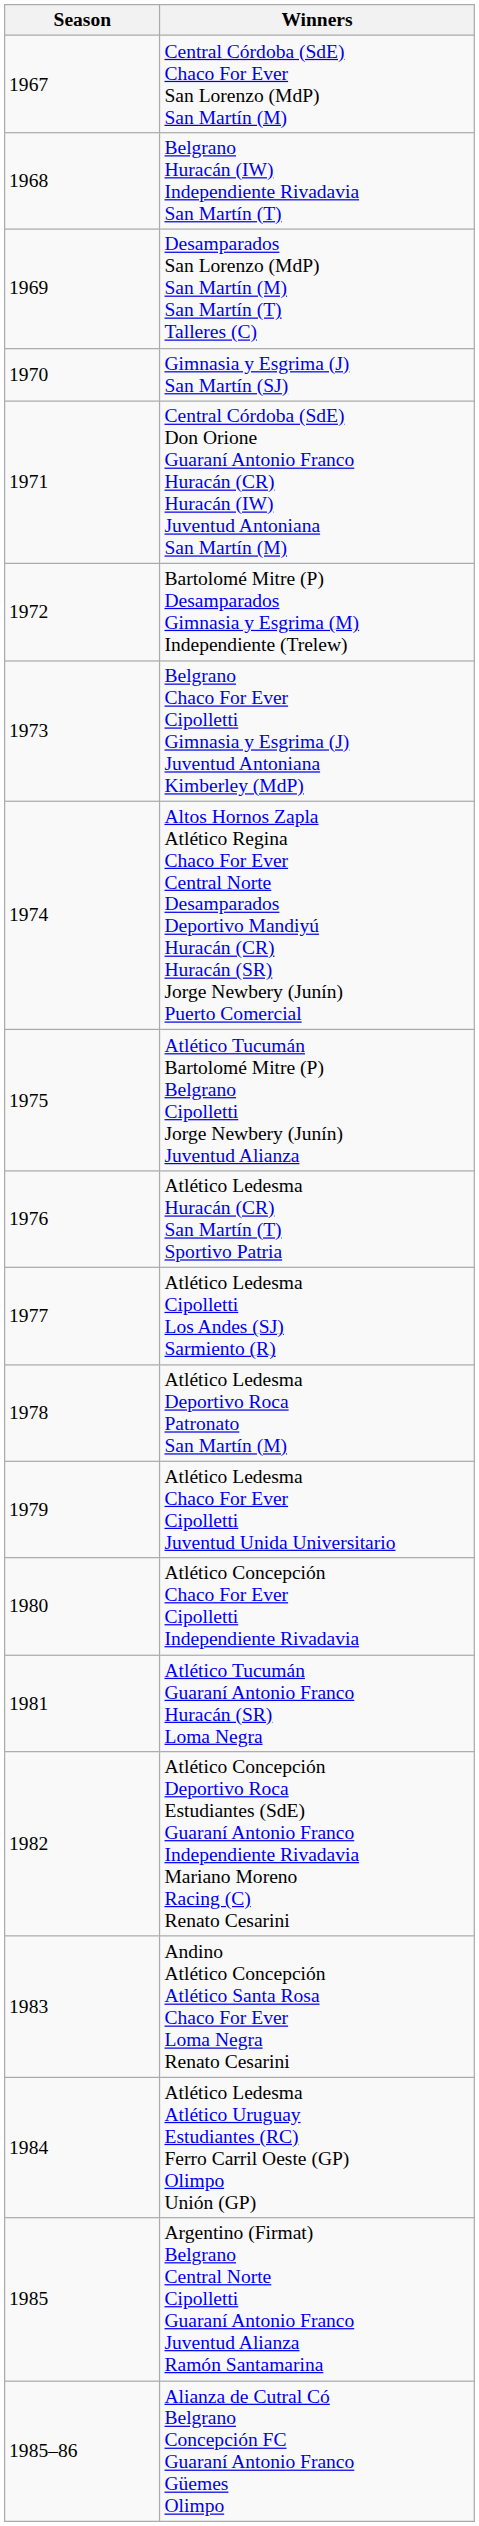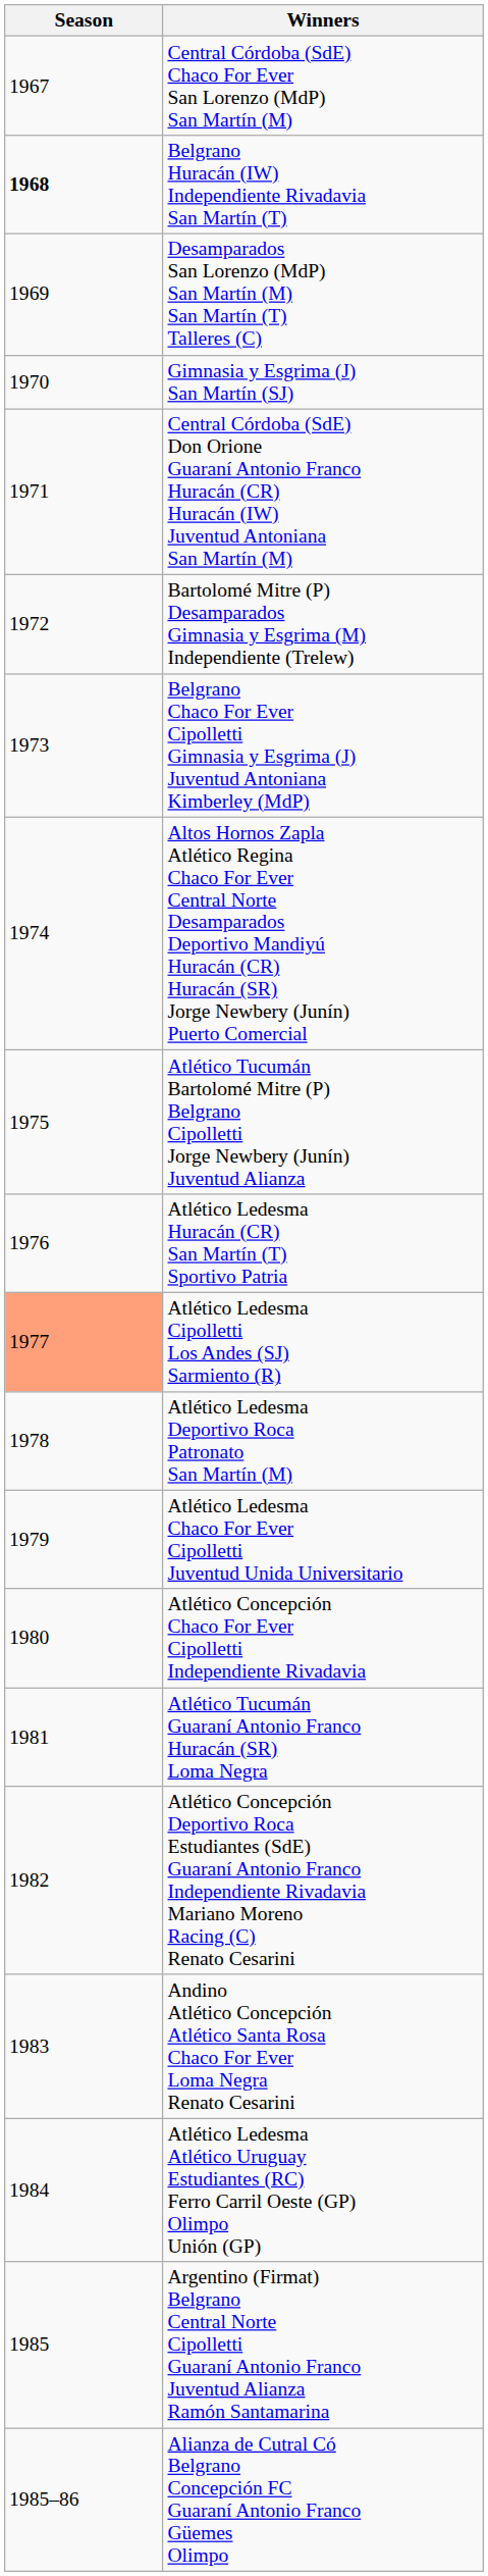 <table class="wikitable">
 <tr>
 <th width="120">Season</th>
 <th width="250">Winners</th>
 </tr>
 <tr>
 <td>1967</td>
 <td><a href='#'>Central Córdoba (SdE)</a> <br> <a href='#'>Chaco For Ever</a> <br> San Lorenzo (MdP) <br> <a href='#'>San Martín (M)</a></td>
 </tr>
 <tr>
-<td>1968</td>
+<td><strong>1968</strong></td>
 <td><a href='#'>Belgrano</a> <br> <a href='#'>Huracán (IW)</a> <br> <a href='#'>Independiente Rivadavia</a> <br> <a href='#'>San Martín (T)</a></td>
 </tr>
 <tr>
 <td>1969</td>
 <td><a href='#'>Desamparados</a> <br> San Lorenzo (MdP) <br> <a href='#'>San Martín (M)</a>  <br> <a href='#'>San Martín (T)</a> <br> <a href='#'>Talleres (C)</a></td>
 </tr>
 <tr>
 <td>1970</td>
 <td><a href='#'>Gimnasia y Esgrima (J)</a>  <br> <a href='#'>San Martín (SJ)</a></td>
 </tr>
 <tr>
 <td>1971</td>
 <td><a href='#'>Central Córdoba (SdE)</a> <br> Don Orione <br>  <a href='#'>Guaraní Antonio Franco</a> <br> <a href='#'>Huracán (CR)</a>  <br><a href='#'>Huracán (IW)</a> <br> <a href='#'>Juventud Antoniana</a> <br>  <a href='#'>San Martín (M)</a></td>
 </tr>
 <tr>
 <td>1972</td>
 <td>Bartolomé Mitre (P) <br> <a href='#'>Desamparados</a> <br> <a href='#'>Gimnasia y Esgrima (M)</a>  <br> Independiente (Trelew)</td>
 </tr>
 <tr>
 <td>1973</td>
 <td><a href='#'>Belgrano</a> <br> <a href='#'>Chaco For Ever</a>  <br> <a href='#'>Cipolletti</a>   <br> <a href='#'>Gimnasia y Esgrima (J)</a>  <br> <a href='#'>Juventud Antoniana</a> <br> <a href='#'>Kimberley (MdP)</a></td>
 </tr>
 <tr>
 <td>1974</td>
 <td><a href='#'>Altos Hornos Zapla</a> <br> Atlético Regina  <br> <a href='#'>Chaco For Ever</a>    <br> <a href='#'>Central Norte</a>   <br>  <a href='#'>Desamparados</a>   <br>  <a href='#'>Deportivo Mandiyú</a> <br> <a href='#'>Huracán (CR)</a> <br> <a href='#'>Huracán (SR)</a> <br>  Jorge Newbery (Junín) <br>   <a href='#'>Puerto Comercial</a></td>
 </tr>
 <tr>
 <td>1975</td>
 <td><a href='#'>Atlético Tucumán</a> <br> Bartolomé Mitre (P) <br> <a href='#'>Belgrano</a> <br> <a href='#'>Cipolletti</a> <br>  Jorge Newbery (Junín) <br> <a href='#'>Juventud Alianza</a></td>
 </tr>
 <tr>
 <td>1976</td>
 <td>Atlético Ledesma <br> <a href='#'>Huracán (CR)</a> <br> <a href='#'>San Martín (T)</a> <br> <a href='#'>Sportivo Patria</a></td>
 </tr>
 <tr>
-<td>1977</td>
+<td style="background: lightsalmon;">1977</td>
 <td>Atlético Ledesma <br> <a href='#'>Cipolletti</a>  <br> <a href='#'>Los Andes (SJ)</a><br>  <a href='#'>Sarmiento (R)</a></td>
 </tr>
 <tr>
 <td>1978</td>
 <td>Atlético Ledesma <br> <a href='#'>Deportivo Roca</a>  <br> <a href='#'>Patronato</a>  <br> <a href='#'>San Martín (M)</a></td>
 </tr>
 <tr>
 <td>1979</td>
 <td>Atlético Ledesma <br> <a href='#'>Chaco For Ever</a>  <br> <a href='#'>Cipolletti</a>  <br> <a href='#'>Juventud Unida Universitario</a></td>
 </tr>
 <tr>
 <td>1980</td>
 <td>Atlético Concepción <br> <a href='#'>Chaco For Ever</a>  <br> <a href='#'>Cipolletti</a>  <br> <a href='#'>Independiente Rivadavia</a></td>
 </tr>
 <tr>
 <td>1981</td>
 <td><a href='#'>Atlético Tucumán</a> <br> <a href='#'>Guaraní Antonio Franco</a>  <br> <a href='#'>Huracán (SR)</a> <br> <a href='#'>Loma Negra</a></td>
 </tr>
 <tr>
 <td>1982</td>
 <td>Atlético Concepción <br> <a href='#'>Deportivo Roca</a>   <br> Estudiantes (SdE)   <br>  <a href='#'>Guaraní Antonio Franco</a>  <br>  <a href='#'>Independiente Rivadavia</a> <br> Mariano Moreno <br> <a href='#'>Racing (C)</a>  <br>  Renato Cesarini</td>
 </tr>
 <tr>
 <td>1983</td>
 <td>Andino <br>  Atlético Concepción <br> <a href='#'>Atlético Santa Rosa</a> <br> <a href='#'>Chaco For Ever</a> <br> <a href='#'>Loma Negra</a> <br> Renato Cesarini</td>
 </tr>
 <tr>
 <td>1984</td>
 <td>Atlético Ledesma <br>  <a href='#'>Atlético Uruguay</a> <br>  <a href='#'>Estudiantes (RC)</a> <br> Ferro Carril Oeste (GP)  <br>  <a href='#'>Olimpo</a> <br> Unión (GP)</td>
 </tr>
 <tr>
 <td>1985</td>
 <td>Argentino (Firmat) <br>  <a href='#'>Belgrano</a> <br> <a href='#'>Central Norte</a> <br>  <a href='#'>Cipolletti</a> <br> <a href='#'>Guaraní Antonio Franco</a>  <br> <a href='#'>Juventud Alianza</a> <br> <a href='#'>Ramón Santamarina</a></td>
 </tr>
 <tr>
 <td>1985–86</td>
 <td><a href='#'>Alianza de Cutral Có</a>  <br> <a href='#'>Belgrano</a> <br> <a href='#'>Concepción FC</a>  <br> <a href='#'>Guaraní Antonio Franco</a>  <br> <a href='#'>Güemes</a> <br>  <a href='#'>Olimpo</a></td>
 </tr>
 <tr>
 </tr>
 </table>
